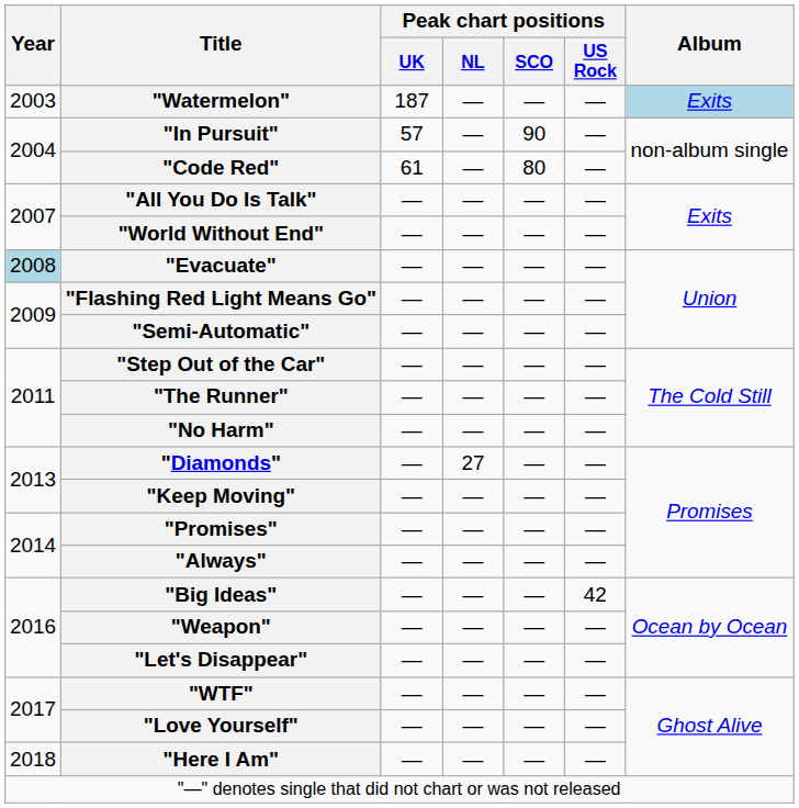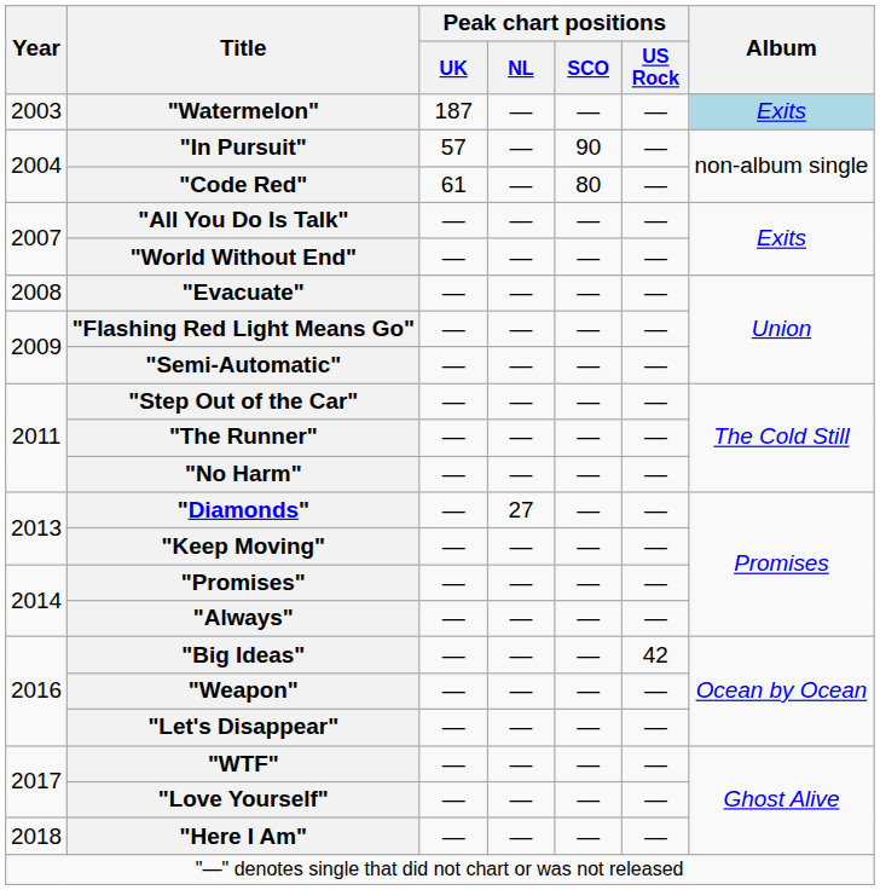 <table class="wikitable plainrowheaders" style="text-align:center;">
 <tr>
 <th scope="col" rowspan="2">Year</th>
 <th scope="col" rowspan="2">Title</th>
 <th scope="col" colspan="4">Peak chart positions</th>
 <th scope="col" rowspan="2">Album</th>
 </tr>
 <tr>
 <th scope="col" style="width:3em;font-size:85%;"><a href='#'>UK</a><br></th>
 <th scope="col" style="width:3em;font-size:85%;"><a href='#'>NL</a><br></th>
 <th scope="col" style="width:3em;font-size:85%;"><a href='#'>SCO</a><br></th>
 <th scope="col" style="width:3em;font-size:85%;"><a href='#'>US<br>Rock</a><br></th>
 </tr>
 <tr>
 <td>2003</td>
 <th scope="row">"Watermelon"</th>
 <td>187</td>
 <td>—</td>
 <td>—</td>
 <td>—</td>
 <td style="background: lightblue;"><em><a href='#'>Exits</a></em></td>
 </tr>
 <tr>
 <td rowspan="2">2004</td>
 <th scope="row">"In Pursuit"</th>
 <td>57</td>
 <td>—</td>
 <td>90</td>
 <td>—</td>
 <td rowspan="2">non-album single</td>
 </tr>
 <tr>
 <th scope="row">"Code Red"</th>
 <td>61</td>
 <td>—</td>
 <td>80</td>
 <td>—</td>
 </tr>
 <tr>
 <td rowspan="2">2007</td>
 <th scope="row">"All You Do Is Talk"</th>
 <td>—</td>
 <td>—</td>
 <td>—</td>
 <td>—</td>
 <td rowspan="2"><em><a href='#'>Exits</a></em></td>
 </tr>
 <tr>
 <th scope="row">"World Without End"</th>
 <td>—</td>
 <td>—</td>
 <td>—</td>
 <td>—</td>
 </tr>
 <tr>
-<td style="background: lightblue;">2008</td>
+<td>2008</td>
 <th scope="row">"Evacuate"</th>
 <td>—</td>
 <td>—</td>
 <td>—</td>
 <td>—</td>
 <td rowspan="3"><em><a href='#'>Union</a></em></td>
 </tr>
 <tr>
 <td rowspan="2">2009</td>
 <th scope="row">"Flashing Red Light Means Go"</th>
 <td>—</td>
 <td>—</td>
 <td>—</td>
 <td>—</td>
 </tr>
 <tr>
 <th scope="row">"Semi-Automatic"</th>
 <td>—</td>
 <td>—</td>
 <td>—</td>
 <td>—</td>
 </tr>
 <tr>
 <td rowspan="3">2011</td>
 <th scope="row">"Step Out of the Car"</th>
 <td>—</td>
 <td>—</td>
 <td>—</td>
 <td>—</td>
 <td rowspan="3"><em><a href='#'>The Cold Still</a></em></td>
 </tr>
 <tr>
 <th scope="row">"The Runner"</th>
 <td>—</td>
 <td>—</td>
 <td>—</td>
 <td>—</td>
 </tr>
 <tr>
 <th scope="row">"No Harm"</th>
 <td>—</td>
 <td>—</td>
 <td>—</td>
 <td>—</td>
 </tr>
 <tr>
 <td rowspan="2">2013</td>
 <th scope="row">"<a href='#'>Diamonds</a>"</th>
 <td>—</td>
 <td>27</td>
 <td>—</td>
 <td>—</td>
 <td rowspan="4"><em><a href='#'>Promises</a></em></td>
 </tr>
 <tr>
 <th scope="row">"Keep Moving"</th>
 <td>—</td>
 <td>—</td>
 <td>—</td>
 <td>—</td>
 </tr>
 <tr>
 <td rowspan="2">2014</td>
 <th scope="row">"Promises"</th>
 <td>—</td>
 <td>—</td>
 <td>—</td>
 <td>—</td>
 </tr>
 <tr>
 <th scope="row">"Always"</th>
 <td>—</td>
 <td>—</td>
 <td>—</td>
 <td>—</td>
 </tr>
 <tr>
 <td rowspan="3">2016</td>
 <th scope="row">"Big Ideas"</th>
 <td>—</td>
 <td>—</td>
 <td>—</td>
 <td>42</td>
 <td style="text-align:center;" rowspan="3"><em><a href='#'>Ocean by Ocean</a></em></td>
 </tr>
 <tr>
 <th scope="row">"Weapon"</th>
 <td>—</td>
 <td>—</td>
 <td>—</td>
 <td>—</td>
 </tr>
 <tr>
 <th scope="row">"Let's Disappear"</th>
 <td>—</td>
 <td>—</td>
 <td>—</td>
 <td>—</td>
 </tr>
 <tr>
 <td rowspan="2">2017</td>
 <th scope="row">"WTF"</th>
 <td>—</td>
 <td>—</td>
 <td>—</td>
 <td>—</td>
 <td rowspan="3"><em><a href='#'>Ghost Alive</a></em></td>
 </tr>
 <tr>
 <th scope="row">"Love Yourself"</th>
 <td>—</td>
 <td>—</td>
 <td>—</td>
 <td>—</td>
 </tr>
 <tr>
 <td>2018</td>
 <th scope="row">"Here I Am"</th>
 <td>—</td>
 <td>—</td>
 <td>—</td>
 <td>—</td>
 </tr>
 <tr>
 <td colspan="7" style="text-align:center; font-size:85%;">"—" denotes single that did not chart or was not released</td>
 </tr>
 </table>
